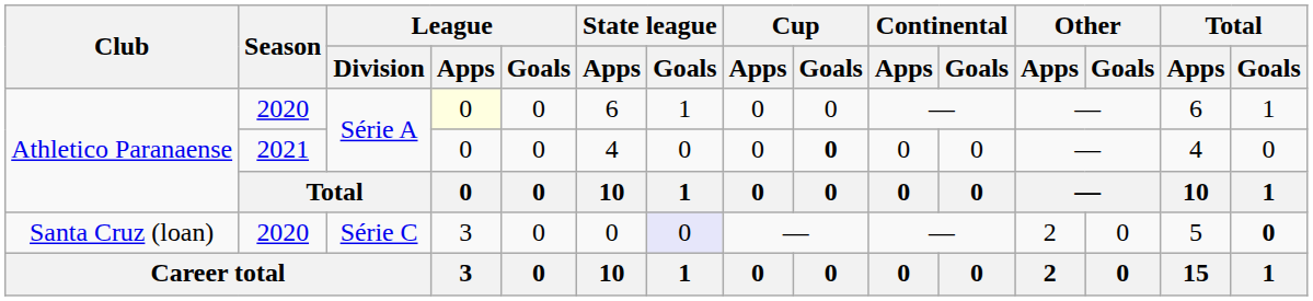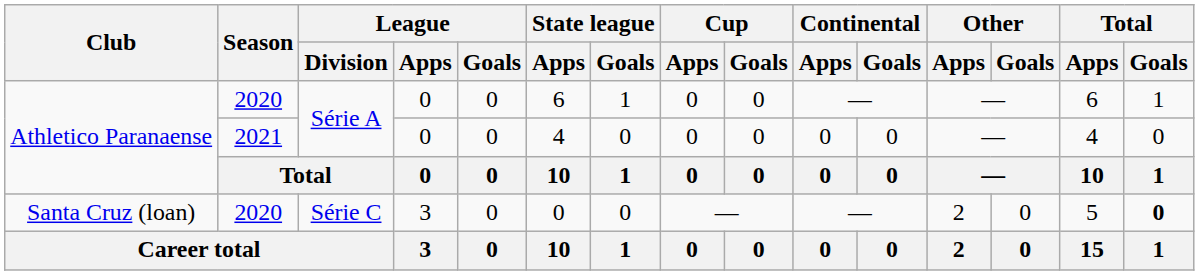 <table class="wikitable" style="text-align: center">
 <tr>
 <th rowspan="2">Club</th>
 <th rowspan="2">Season</th>
 <th colspan="3">League</th>
 <th colspan="2">State league</th>
 <th colspan="2">Cup</th>
 <th colspan="2">Continental</th>
 <th colspan="2">Other</th>
 <th colspan="2">Total</th>
 </tr>
 <tr>
 <th>Division</th>
 <th>Apps</th>
 <th>Goals</th>
 <th>Apps</th>
 <th>Goals</th>
 <th>Apps</th>
 <th>Goals</th>
 <th>Apps</th>
 <th>Goals</th>
 <th>Apps</th>
 <th>Goals</th>
 <th>Apps</th>
 <th>Goals</th>
 </tr>
 <tr>
 <td rowspan="3"><a href='#'>Athletico Paranaense</a></td>
 <td><a href='#'>2020</a></td>
 <td rowspan="2"><a href='#'>Série A</a></td>
-<td style="background: lightyellow;">0</td>
+<td>0</td>
 <td>0</td>
 <td>6</td>
 <td>1</td>
 <td>0</td>
 <td>0</td>
 <td colspan="2">—</td>
 <td colspan="2">—</td>
 <td>6</td>
 <td>1</td>
 </tr>
 <tr>
 <td><a href='#'>2021</a></td>
 <td>0</td>
 <td>0</td>
 <td>4</td>
 <td>0</td>
 <td>0</td>
-<td><strong>0</strong></td>
+<td>0</td>
 <td>0</td>
 <td>0</td>
 <td colspan="2">—</td>
 <td>4</td>
 <td>0</td>
 </tr>
 <tr>
 <th colspan="2">Total</th>
 <th>0</th>
 <th>0</th>
 <th>10</th>
 <th>1</th>
 <th>0</th>
 <th>0</th>
 <th>0</th>
 <th>0</th>
 <th colspan="2">—</th>
 <th>10</th>
 <th>1</th>
 </tr>
 <tr>
 <td><a href='#'>Santa Cruz</a> (loan)</td>
 <td><a href='#'>2020</a></td>
 <td><a href='#'>Série C</a></td>
 <td>3</td>
 <td>0</td>
 <td>0</td>
-<td style="background: lavender;">0</td>
+<td>0</td>
 <td colspan="2">—</td>
 <td colspan="2">—</td>
 <td>2</td>
 <td>0</td>
 <td>5</td>
 <td><strong>0</strong></td>
 </tr>
 <tr>
 <th colspan="3"><strong>Career total</strong></th>
 <th>3</th>
 <th>0</th>
 <th>10</th>
 <th>1</th>
 <th>0</th>
 <th>0</th>
 <th>0</th>
 <th>0</th>
 <th>2</th>
 <th>0</th>
 <th>15</th>
 <th>1</th>
 </tr>
 </table>
